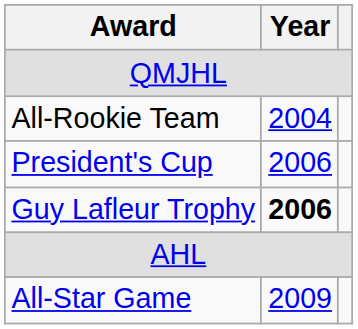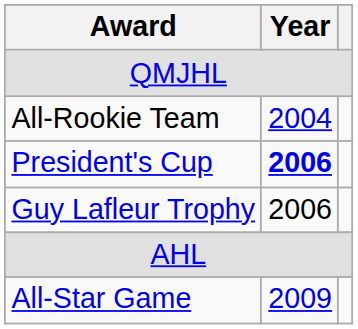 <table class="wikitable">
 <tr>
 <th>Award</th>
 <th>Year</th>
 <th></th>
 </tr>
 <tr ALIGN="center" bgcolor="#e0e0e0">
 <td colspan="3"><a href='#'>QMJHL</a></td>
 </tr>
 <tr>
 <td>All-Rookie Team</td>
 <td><a href='#'>2004</a></td>
 <td></td>
 </tr>
 <tr>
 <td><a href='#'>President's Cup</a></td>
-<td><a href='#'>2006</a></td>
+<td><strong><a href='#'>2006</a></strong></td>
 <td></td>
 </tr>
 <tr>
 <td><a href='#'>Guy Lafleur Trophy</a></td>
-<td><strong>2006</strong></td>
+<td>2006</td>
 <td></td>
 </tr>
 <tr ALIGN="center" bgcolor="#e0e0e0">
 <td colspan="3"><a href='#'>AHL</a></td>
 </tr>
 <tr>
 <td><a href='#'>All-Star Game</a></td>
 <td><a href='#'>2009</a></td>
 <td></td>
 </tr>
 </table>
